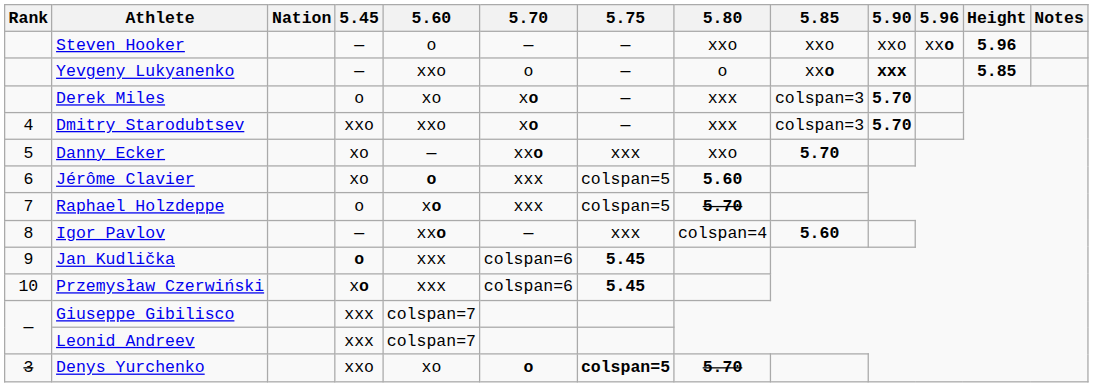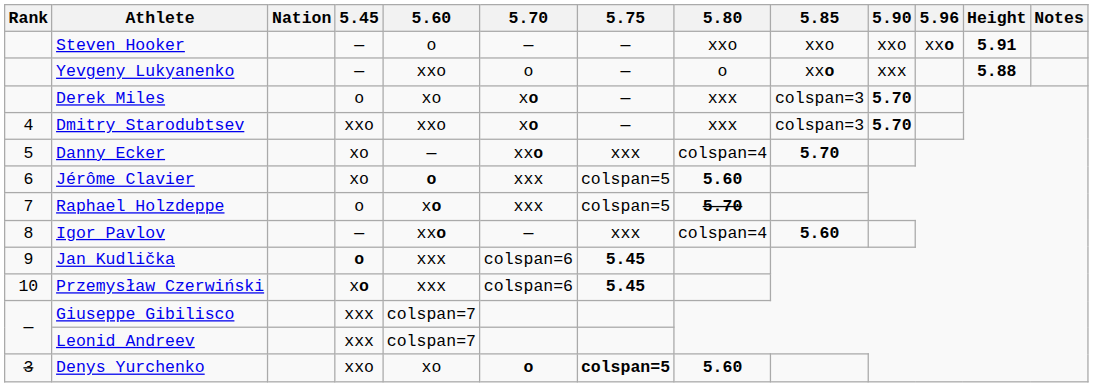 <table class="wikitable sortable" style="text-align:center">
 <tr>
 <th>Rank</th>
 <th>Athlete</th>
 <th>Nation</th>
 <th>5.45</th>
 <th>5.60</th>
 <th>5.70</th>
 <th>5.75</th>
 <th>5.80</th>
 <th>5.85</th>
 <th>5.90</th>
 <th>5.96</th>
 <th>Height</th>
 <th>Notes</th>
 </tr>
 <tr>
 <td></td>
 <td align=left><a href='#'>Steven Hooker</a></td>
 <td align=left></td>
 <td>—</td>
 <td>o</td>
 <td>—</td>
 <td>—</td>
 <td>xxo</td>
 <td>xxo</td>
 <td>xxo</td>
 <td>xx<strong>o</strong></td>
-<td><strong>5.96</strong></td>
+<td><strong>5.91</strong></td>
 <td></td>
 </tr>
 <tr>
 <td></td>
 <td align=left><a href='#'>Yevgeny Lukyanenko</a></td>
 <td align=left></td>
 <td>—</td>
 <td>xxo</td>
 <td>o</td>
 <td>—</td>
 <td>o</td>
 <td>xx<strong>o</strong></td>
-<td><strong>xxx</strong></td>
+<td>xxx</td>
 <td></td>
-<td><strong>5.85</strong></td>
+<td><strong>5.88</strong></td>
 <td></td>
 </tr>
 <tr>
 <td></td>
 <td align=left><a href='#'>Derek Miles</a></td>
 <td align=left></td>
 <td>o</td>
 <td>xo</td>
 <td>x<strong>o</strong></td>
 <td>—</td>
 <td>xxx</td>
 <td>colspan=3 </td>
 <td><strong>5.70</strong></td>
 <td></td>
 </tr>
 <tr>
 <td>4</td>
 <td align=left><a href='#'>Dmitry Starodubtsev</a></td>
 <td align=left></td>
 <td>xxo</td>
 <td>xxo</td>
 <td>x<strong>o</strong></td>
 <td>—</td>
 <td>xxx</td>
 <td>colspan=3 </td>
 <td><strong>5.70</strong></td>
 <td></td>
 </tr>
 <tr>
 <td>5</td>
 <td align=left><a href='#'>Danny Ecker</a></td>
 <td align=left></td>
 <td>xo</td>
 <td>—</td>
 <td>xx<strong>o</strong></td>
 <td>xxx</td>
-<td>xxo</td>
+<td>colspan=4 </td>
 <td><strong>5.70</strong></td>
 <td></td>
 </tr>
 <tr>
 <td>6</td>
 <td align=left><a href='#'>Jérôme Clavier</a></td>
 <td align=left></td>
 <td>xo</td>
 <td><strong>o</strong></td>
 <td>xxx</td>
 <td>colspan=5 </td>
 <td><strong>5.60</strong></td>
 <td></td>
 </tr>
 <tr>
 <td>7</td>
 <td align=left><a href='#'>Raphael Holzdeppe</a></td>
 <td align=left></td>
 <td>o</td>
 <td>x<strong>o</strong></td>
 <td>xxx</td>
 <td>colspan=5 </td>
 <td><s><strong>5.70</strong></s></td>
 <td></td>
 </tr>
 <tr>
 <td>8</td>
 <td align=left><a href='#'>Igor Pavlov</a></td>
 <td align=left></td>
 <td>—</td>
 <td>xx<strong>o</strong></td>
 <td>—</td>
 <td>xxx</td>
 <td>colspan=4 </td>
 <td><strong>5.60</strong></td>
 <td></td>
 </tr>
 <tr>
 <td>9</td>
 <td align=left><a href='#'>Jan Kudlička</a></td>
 <td align=left></td>
 <td><strong>o</strong></td>
 <td>xxx</td>
 <td>colspan=6 </td>
 <td><strong>5.45</strong></td>
 <td></td>
 </tr>
 <tr>
 <td>10</td>
 <td align=left><a href='#'>Przemysław Czerwiński</a></td>
 <td align=left></td>
 <td>x<strong>o</strong></td>
 <td>xxx</td>
 <td>colspan=6 </td>
 <td><strong>5.45</strong></td>
 <td></td>
 </tr>
 <tr>
 <td rowspan=2 data-sort-value=11>—</td>
 <td align=left><a href='#'>Giuseppe Gibilisco</a></td>
 <td align=left></td>
 <td>xxx</td>
 <td>colspan=7 </td>
 <td></td>
 <td></td>
 </tr>
 <tr>
 <td align=left><a href='#'>Leonid Andreev</a></td>
 <td align=left></td>
 <td>xxx</td>
 <td>colspan=7 </td>
 <td></td>
 <td></td>
 </tr>
 <tr>
 <td data-sort-value=13><s>3</s></td>
 <td align=left><a href='#'>Denys Yurchenko</a></td>
 <td align=left></td>
 <td>xxo</td>
 <td>xo</td>
 <td><strong>o</strong></td>
 <td><strong>colspan=5 </strong></td>
-<td><s><strong>5.70</strong></s></td>
+<td><strong>5.60</strong></td>
 <td></td>
 </tr>
 </table>
